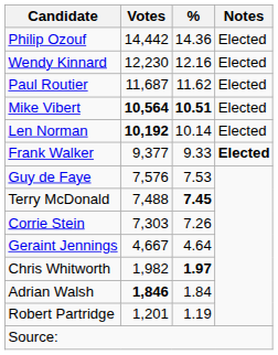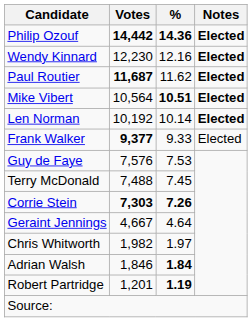 <table class=wikitable style=text-align:right>
 <tr>
 <th>Candidate</th>
 <th>Votes</th>
 <th>%</th>
 <th>Notes</th>
 </tr>
 <tr>
 <td align=left><a href='#'>Philip Ozouf</a></td>
-<td>14,442</td>
-<td>14.36</td>
-<td align=left>Elected</td>
+<td><strong>14,442</strong></td>
+<td><strong>14.36</strong></td>
+<td align=left><strong>Elected</strong></td>
 </tr>
 <tr>
 <td align=left><a href='#'>Wendy Kinnard</a></td>
 <td>12,230</td>
 <td>12.16</td>
-<td align=left>Elected</td>
+<td align=left><strong>Elected</strong></td>
 </tr>
 <tr>
 <td align=left><a href='#'>Paul Routier</a></td>
-<td>11,687</td>
+<td><strong>11,687</strong></td>
 <td>11.62</td>
-<td align=left>Elected</td>
+<td align=left><strong>Elected</strong></td>
 </tr>
 <tr>
 <td align=left><a href='#'>Mike Vibert</a></td>
-<td><strong>10,564</strong></td>
+<td>10,564</td>
 <td><strong>10.51</strong></td>
-<td align=left>Elected</td>
+<td align=left><strong>Elected</strong></td>
 </tr>
 <tr>
 <td align=left><a href='#'>Len Norman</a></td>
-<td><strong>10,192</strong></td>
+<td>10,192</td>
 <td>10.14</td>
-<td align=left>Elected</td>
+<td align=left><strong>Elected</strong></td>
 </tr>
 <tr>
 <td align=left><a href='#'>Frank Walker</a></td>
-<td>9,377</td>
+<td><strong>9,377</strong></td>
 <td>9.33</td>
-<td align=left><strong>Elected</strong></td>
+<td align=left>Elected</td>
 </tr>
 <tr>
 <td align=left><a href='#'>Guy de Faye</a></td>
 <td>7,576</td>
 <td>7.53</td>
 </tr>
 <tr>
 <td align=left>Terry McDonald</td>
 <td>7,488</td>
-<td><strong>7.45</strong></td>
+<td>7.45</td>
 </tr>
 <tr>
 <td align=left><a href='#'>Corrie Stein</a></td>
-<td>7,303</td>
-<td>7.26</td>
+<td><strong>7,303</strong></td>
+<td><strong>7.26</strong></td>
 </tr>
 <tr>
 <td align=left><a href='#'>Geraint Jennings</a></td>
 <td>4,667</td>
 <td>4.64</td>
 </tr>
 <tr>
 <td align=left>Chris Whitworth</td>
 <td>1,982</td>
-<td><strong>1.97</strong></td>
+<td>1.97</td>
 </tr>
 <tr>
 <td align=left>Adrian Walsh</td>
-<td><strong>1,846</strong></td>
-<td>1.84</td>
+<td>1,846</td>
+<td><strong>1.84</strong></td>
 </tr>
 <tr>
 <td align=left>Robert Partridge</td>
 <td>1,201</td>
-<td>1.19</td>
+<td><strong>1.19</strong></td>
 </tr>
 <tr>
 <td align=left colspan=6>Source:</td>
 </tr>
 </table>
